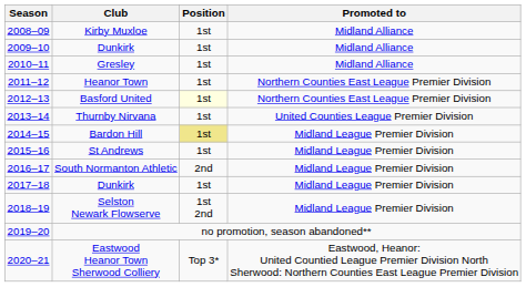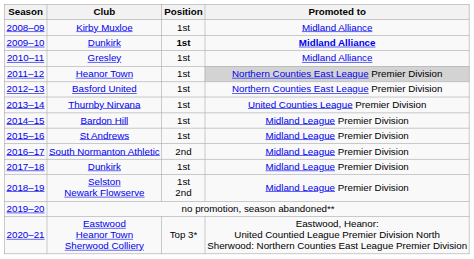 <table class="wikitable" style="text-align: center">
 <tr>
 <th>Season</th>
 <th>Club</th>
 <th>Position</th>
 <th>Promoted to</th>
 </tr>
 <tr>
 <td><a href='#'>2008–09</a></td>
 <td><a href='#'>Kirby Muxloe</a></td>
 <td>1st</td>
 <td><a href='#'>Midland Alliance</a></td>
 </tr>
 <tr>
 <td><a href='#'>2009–10</a></td>
 <td><a href='#'>Dunkirk</a></td>
-<td>1st</td>
-<td><a href='#'>Midland Alliance</a></td>
+<td><strong>1st</strong></td>
+<td><strong><a href='#'>Midland Alliance</a></strong></td>
 </tr>
 <tr>
 <td><a href='#'>2010–11</a></td>
 <td><a href='#'>Gresley</a></td>
 <td>1st</td>
 <td><a href='#'>Midland Alliance</a></td>
 </tr>
 <tr>
 <td><a href='#'>2011–12</a></td>
 <td><a href='#'>Heanor Town</a></td>
 <td>1st</td>
-<td><a href='#'>Northern Counties East League</a> Premier Division</td>
+<td style="background: lightgrey;"><a href='#'>Northern Counties East League</a> Premier Division</td>
 </tr>
 <tr>
 <td><a href='#'>2012–13</a></td>
 <td><a href='#'>Basford United</a></td>
-<td style="background: lightyellow;">1st</td>
+<td>1st</td>
 <td><a href='#'>Northern Counties East League</a> Premier Division</td>
 </tr>
 <tr>
 <td><a href='#'>2013–14</a></td>
 <td><a href='#'>Thurnby Nirvana</a></td>
 <td>1st</td>
 <td><a href='#'>United Counties League</a> Premier Division</td>
 </tr>
 <tr>
 <td><a href='#'>2014–15</a></td>
 <td><a href='#'>Bardon Hill</a></td>
-<td style="background: khaki;">1st</td>
+<td>1st</td>
 <td><a href='#'>Midland League</a> Premier Division</td>
 </tr>
 <tr>
 <td><a href='#'>2015–16</a></td>
 <td><a href='#'>St Andrews</a></td>
 <td>1st</td>
 <td><a href='#'>Midland League</a> Premier Division</td>
 </tr>
 <tr>
 <td><a href='#'>2016–17</a></td>
 <td><a href='#'>South Normanton Athletic</a></td>
 <td>2nd</td>
 <td><a href='#'>Midland League</a> Premier Division</td>
 </tr>
 <tr>
 <td><a href='#'>2017–18</a></td>
 <td><a href='#'>Dunkirk</a></td>
 <td>1st</td>
 <td><a href='#'>Midland League</a> Premier Division</td>
 </tr>
 <tr>
 <td><a href='#'>2018–19</a></td>
 <td><a href='#'>Selston</a><br><a href='#'>Newark Flowserve</a></td>
 <td>1st<br>2nd</td>
 <td><a href='#'>Midland League</a> Premier Division</td>
 </tr>
 <tr>
 <td><a href='#'>2019–20</a></td>
 <td colspan=3>no promotion, season abandoned**</td>
 </tr>
 <tr>
 <td><a href='#'>2020–21</a></td>
 <td><a href='#'>Eastwood</a><br><a href='#'>Heanor Town</a><br><a href='#'>Sherwood Colliery</a><br></td>
 <td>Top 3*</td>
 <td>Eastwood, Heanor:<br>United Countied League Premier Division North<br>Sherwood: Northern Counties East League Premier Division</td>
 </tr>
 </table>
